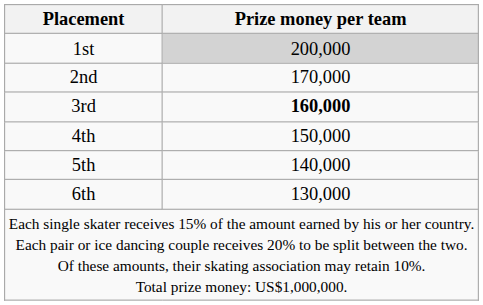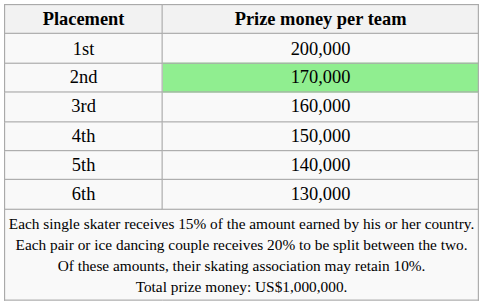 <table class="wikitable" style="text-align:center">
 <tr>
 <th>Placement</th>
 <th>Prize money per team</th>
 </tr>
 <tr>
 <td>1st</td>
-<td style="background: lightgrey;">200,000</td>
+<td>200,000</td>
 </tr>
 <tr>
 <td>2nd</td>
-<td>170,000</td>
+<td style="background: lightgreen;">170,000</td>
 </tr>
 <tr>
 <td>3rd</td>
-<td><strong>160,000</strong></td>
+<td>160,000</td>
 </tr>
 <tr>
 <td>4th</td>
 <td>150,000</td>
 </tr>
 <tr>
 <td>5th</td>
 <td>140,000</td>
 </tr>
 <tr>
 <td>6th</td>
 <td>130,000</td>
 </tr>
 <tr>
 <td colspan=3 align=center><small> Each single skater receives 15% of the amount earned by his or her country. <br> Each pair or ice dancing couple receives 20% to be split between the two. <br> Of these amounts, their skating association may retain 10%. <br> Total prize money: US$1,000,000. </small></td>
 </tr>
 </table>
